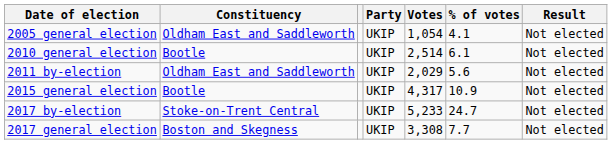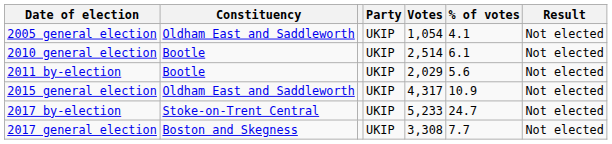 <table class="wikitable">
 <tr>
 <th>Date of election</th>
 <th>Constituency</th>
 <th></th>
 <th>Party</th>
 <th>Votes</th>
 <th>% of votes</th>
 <th>Result</th>
 </tr>
 <tr>
 <td><a href='#'>2005 general election</a></td>
 <td><a href='#'>Oldham East and Saddleworth</a></td>
 <td style="background-color: "></td>
 <td>UKIP</td>
 <td>1,054</td>
 <td>4.1</td>
 <td>Not elected</td>
 </tr>
 <tr>
 <td><a href='#'>2010 general election</a></td>
 <td><a href='#'>Bootle</a></td>
 <td style="background-color: "></td>
 <td>UKIP</td>
 <td>2,514</td>
 <td>6.1</td>
 <td>Not elected</td>
 </tr>
 <tr>
 <td><a href='#'>2011 by-election</a></td>
-<td><a href='#'>Oldham East and Saddleworth</a></td>
+<td><a href='#'>Bootle</a></td>
 <td style="background-color: "></td>
 <td>UKIP</td>
 <td>2,029</td>
 <td>5.6</td>
 <td>Not elected</td>
 </tr>
 <tr>
 <td><a href='#'>2015 general election</a></td>
-<td><a href='#'>Bootle</a></td>
+<td><a href='#'>Oldham East and Saddleworth</a></td>
 <td style="background-color: "></td>
 <td>UKIP</td>
 <td>4,317</td>
 <td>10.9</td>
 <td>Not elected</td>
 </tr>
 <tr>
 <td><a href='#'>2017 by-election</a></td>
 <td><a href='#'>Stoke-on-Trent Central</a></td>
 <td style="background-color: "></td>
 <td>UKIP</td>
 <td>5,233</td>
 <td>24.7</td>
 <td>Not elected</td>
 </tr>
 <tr>
 <td><a href='#'>2017 general election</a></td>
 <td><a href='#'>Boston and Skegness</a></td>
 <td style="background-color: "></td>
 <td>UKIP</td>
 <td>3,308</td>
 <td>7.7</td>
 <td>Not elected</td>
 </tr>
 </table>
